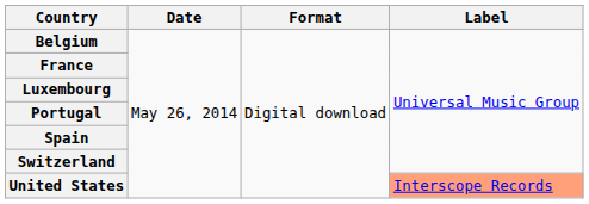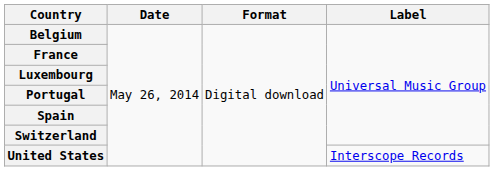 <table class="wikitable plainrowheaders">
 <tr>
 <th scope="col">Country</th>
 <th scope="col">Date</th>
 <th scope="col">Format</th>
 <th scope="col">Label</th>
 </tr>
 <tr>
 <th scope="row">Belgium</th>
 <td rowspan="7">May 26, 2014</td>
 <td rowspan="7">Digital download</td>
 <td rowspan="6"><a href='#'>Universal Music Group</a></td>
 </tr>
 <tr>
 <th scope="row">France</th>
 </tr>
 <tr>
 <th scope="row">Luxembourg</th>
 </tr>
 <tr>
 <th scope="row">Portugal</th>
 </tr>
 <tr>
 <th scope="row">Spain</th>
 </tr>
 <tr>
 <th scope="row">Switzerland</th>
 </tr>
 <tr>
 <th scope="row">United States</th>
-<td style="background: lightsalmon;"><a href='#'>Interscope Records</a></td>
+<td><a href='#'>Interscope Records</a></td>
 </tr>
 </table>
